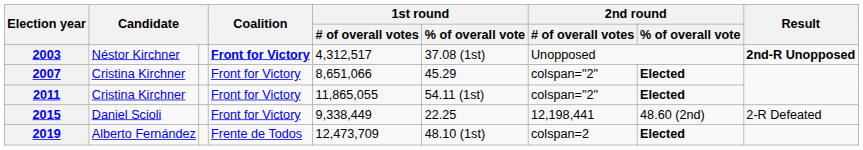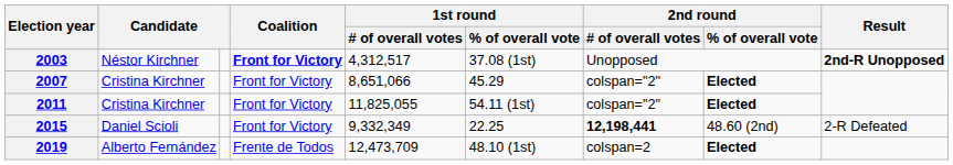 <table class=wikitable>
 <tr>
 <th rowspan=2>Election year</th>
 <th rowspan=2 colspan=2>Candidate</th>
 <th rowspan=2>Coalition</th>
 <th colspan=2>1st round</th>
 <th colspan=2>2nd round</th>
 <th rowspan=2>Result</th>
 </tr>
 <tr>
 <th># of overall votes</th>
 <th>% of overall vote</th>
 <th># of overall votes</th>
 <th>% of overall vote</th>
 </tr>
 <tr>
 <th><a href='#'>2003</a></th>
 <td><a href='#'>Néstor Kirchner</a></td>
 <td bgcolor=> </td>
 <td><strong><a href='#'>Front for Victory</a></strong></td>
 <td>4,312,517</td>
 <td>37.08	(1st)</td>
 <td colspan="2">Unopposed</td>
 <td> <strong>2nd-R Unopposed</strong></td>
 </tr>
 <tr>
 <th><a href='#'>2007</a></th>
 <td><a href='#'>Cristina Kirchner</a></td>
 <td bgcolor=> </td>
 <td><a href='#'>Front for Victory</a></td>
 <td>8,651,066</td>
 <td>45.29</td>
 <td>colspan="2" </td>
 <td> <strong>Elected</strong></td>
 </tr>
 <tr>
 <th><a href='#'>2011</a></th>
 <td><a href='#'>Cristina Kirchner</a></td>
 <td bgcolor=> </td>
 <td><a href='#'>Front for Victory</a></td>
-<td>11,865,055</td>
+<td>11,825,055</td>
 <td>54.11 (1st)</td>
 <td>colspan="2" </td>
 <td> <strong>Elected</strong></td>
 </tr>
 <tr>
 <th><a href='#'>2015</a></th>
 <td><a href='#'>Daniel Scioli</a></td>
 <td bgcolor=> </td>
 <td><a href='#'>Front for Victory</a></td>
-<td>9,338,449</td>
+<td>9,332,349</td>
 <td>22.25</td>
-<td>12,198,441</td>
+<td><strong>12,198,441</strong></td>
 <td>48.60 (2nd)</td>
 <td> 2-R Defeated</td>
 </tr>
 <tr>
 <th><a href='#'>2019</a></th>
 <td><a href='#'>Alberto Fernández</a></td>
 <td bgcolor=> </td>
 <td><a href='#'>Frente de Todos</a></td>
 <td>12,473,709</td>
 <td>48.10 (1st)</td>
 <td>colspan=2 </td>
 <td> <strong>Elected</strong></td>
 </tr>
 </table>
